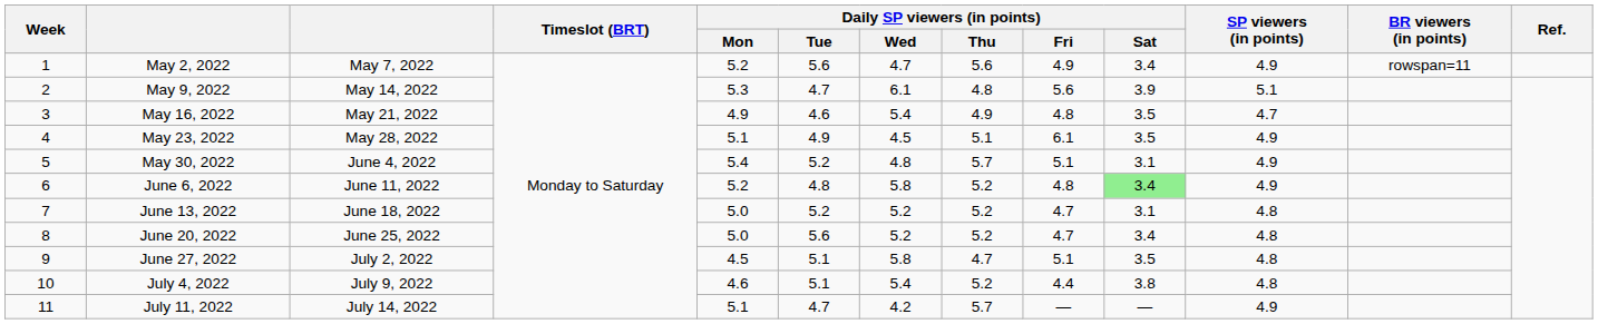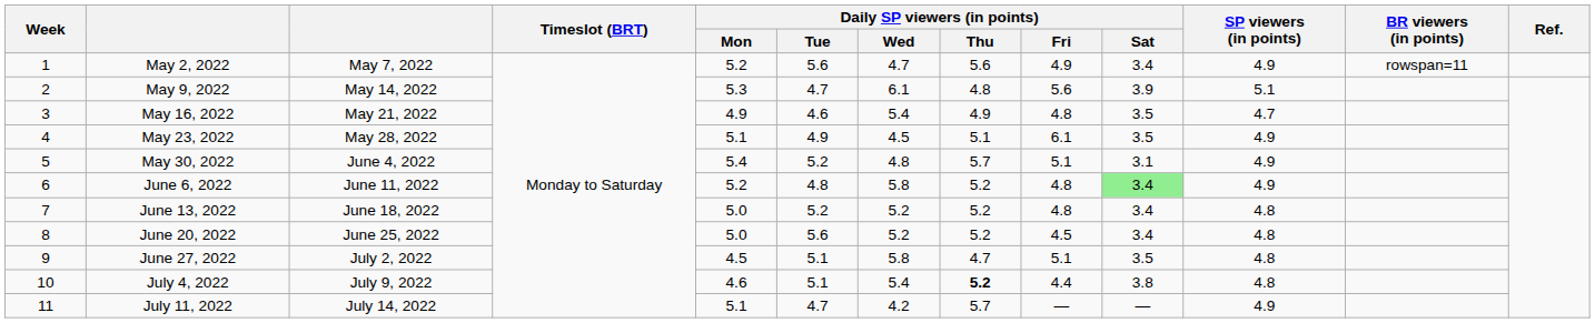 <table class="wikitable sortable" style="text-align:center; font-size:95%; width: 100%">
 <tr>
 <th rowspan=2 width="05.0%">Week</th>
 <th rowspan=2 width="12.5%"></th>
 <th rowspan=2 width="12.5%"></th>
 <th rowspan=2 width="12.5%">Timeslot (<a href='#'>BRT</a>)</th>
 <th colspan=6 width="30.0%">Daily <a href='#'>SP</a> viewers (in points)</th>
 <th rowspan=2 width="10.0%"><a href='#'>SP</a> viewers<br>(in points)</th>
 <th rowspan=2 width="10.0%"><a href='#'>BR</a> viewers<br>(in points)</th>
 <th rowspan=2 width="05.0%">Ref.</th>
 </tr>
 <tr>
 <th width="05%">Mon</th>
 <th width="05%">Tue</th>
 <th width="05%">Wed</th>
 <th width="05%">Thu</th>
 <th width="05%">Fri</th>
 <th width="05%">Sat</th>
 </tr>
 <tr>
 <td>1</td>
 <td>May 2, 2022</td>
 <td>May 7, 2022</td>
 <td rowspan=11>Monday to Saturday<br></td>
 <td>5.2</td>
 <td>5.6</td>
 <td>4.7</td>
 <td>5.6</td>
 <td>4.9</td>
 <td>3.4</td>
 <td>4.9</td>
 <td>rowspan=11 </td>
 <td></td>
 </tr>
 <tr>
 <td>2</td>
 <td>May 9, 2022</td>
 <td>May 14, 2022</td>
 <td>5.3</td>
 <td>4.7</td>
 <td>6.1</td>
 <td>4.8</td>
 <td>5.6</td>
 <td>3.9</td>
 <td>5.1</td>
 <td></td>
 </tr>
 <tr>
 <td>3</td>
 <td>May 16, 2022</td>
 <td>May 21, 2022</td>
 <td>4.9</td>
 <td>4.6</td>
 <td>5.4</td>
 <td>4.9</td>
 <td>4.8</td>
 <td>3.5</td>
 <td>4.7</td>
 <td></td>
 </tr>
 <tr>
 <td>4</td>
 <td>May 23, 2022</td>
 <td>May 28, 2022</td>
 <td>5.1</td>
 <td>4.9</td>
 <td>4.5</td>
 <td>5.1</td>
 <td>6.1</td>
 <td>3.5</td>
 <td>4.9</td>
 <td></td>
 </tr>
 <tr>
 <td>5</td>
 <td>May 30, 2022</td>
 <td>June 4, 2022</td>
 <td>5.4</td>
 <td>5.2</td>
 <td>4.8</td>
 <td>5.7</td>
 <td>5.1</td>
 <td>3.1</td>
 <td>4.9</td>
 <td></td>
 </tr>
 <tr>
 <td>6</td>
 <td>June 6, 2022</td>
 <td>June 11, 2022</td>
 <td>5.2</td>
 <td>4.8</td>
 <td>5.8</td>
 <td>5.2</td>
 <td>4.8</td>
 <td style="background: lightgreen;">3.4</td>
 <td>4.9</td>
 <td></td>
 </tr>
 <tr>
 <td>7</td>
 <td>June 13, 2022</td>
 <td>June 18, 2022</td>
 <td>5.0</td>
 <td>5.2</td>
 <td>5.2</td>
 <td>5.2</td>
-<td>4.7</td>
-<td>3.1</td>
+<td>4.8</td>
+<td>3.4</td>
 <td>4.8</td>
 <td></td>
 </tr>
 <tr>
 <td>8</td>
 <td>June 20, 2022</td>
 <td>June 25, 2022</td>
 <td>5.0</td>
 <td>5.6</td>
 <td>5.2</td>
 <td>5.2</td>
-<td>4.7</td>
+<td>4.5</td>
 <td>3.4</td>
 <td>4.8</td>
 <td></td>
 </tr>
 <tr>
 <td>9</td>
 <td>June 27, 2022</td>
 <td>July 2, 2022</td>
 <td>4.5</td>
 <td>5.1</td>
 <td>5.8</td>
 <td>4.7</td>
 <td>5.1</td>
 <td>3.5</td>
 <td>4.8</td>
 <td></td>
 </tr>
 <tr>
 <td>10</td>
 <td>July 4, 2022</td>
 <td>July 9, 2022</td>
 <td>4.6</td>
 <td>5.1</td>
 <td>5.4</td>
-<td>5.2</td>
+<td><strong>5.2</strong></td>
 <td>4.4</td>
 <td>3.8</td>
 <td>4.8</td>
 <td></td>
 </tr>
 <tr>
 <td>11</td>
 <td>July 11, 2022</td>
 <td>July 14, 2022</td>
 <td>5.1</td>
 <td>4.7</td>
 <td>4.2</td>
 <td>5.7</td>
 <td>—</td>
 <td>—</td>
 <td>4.9</td>
 <td></td>
 </tr>
 </table>
